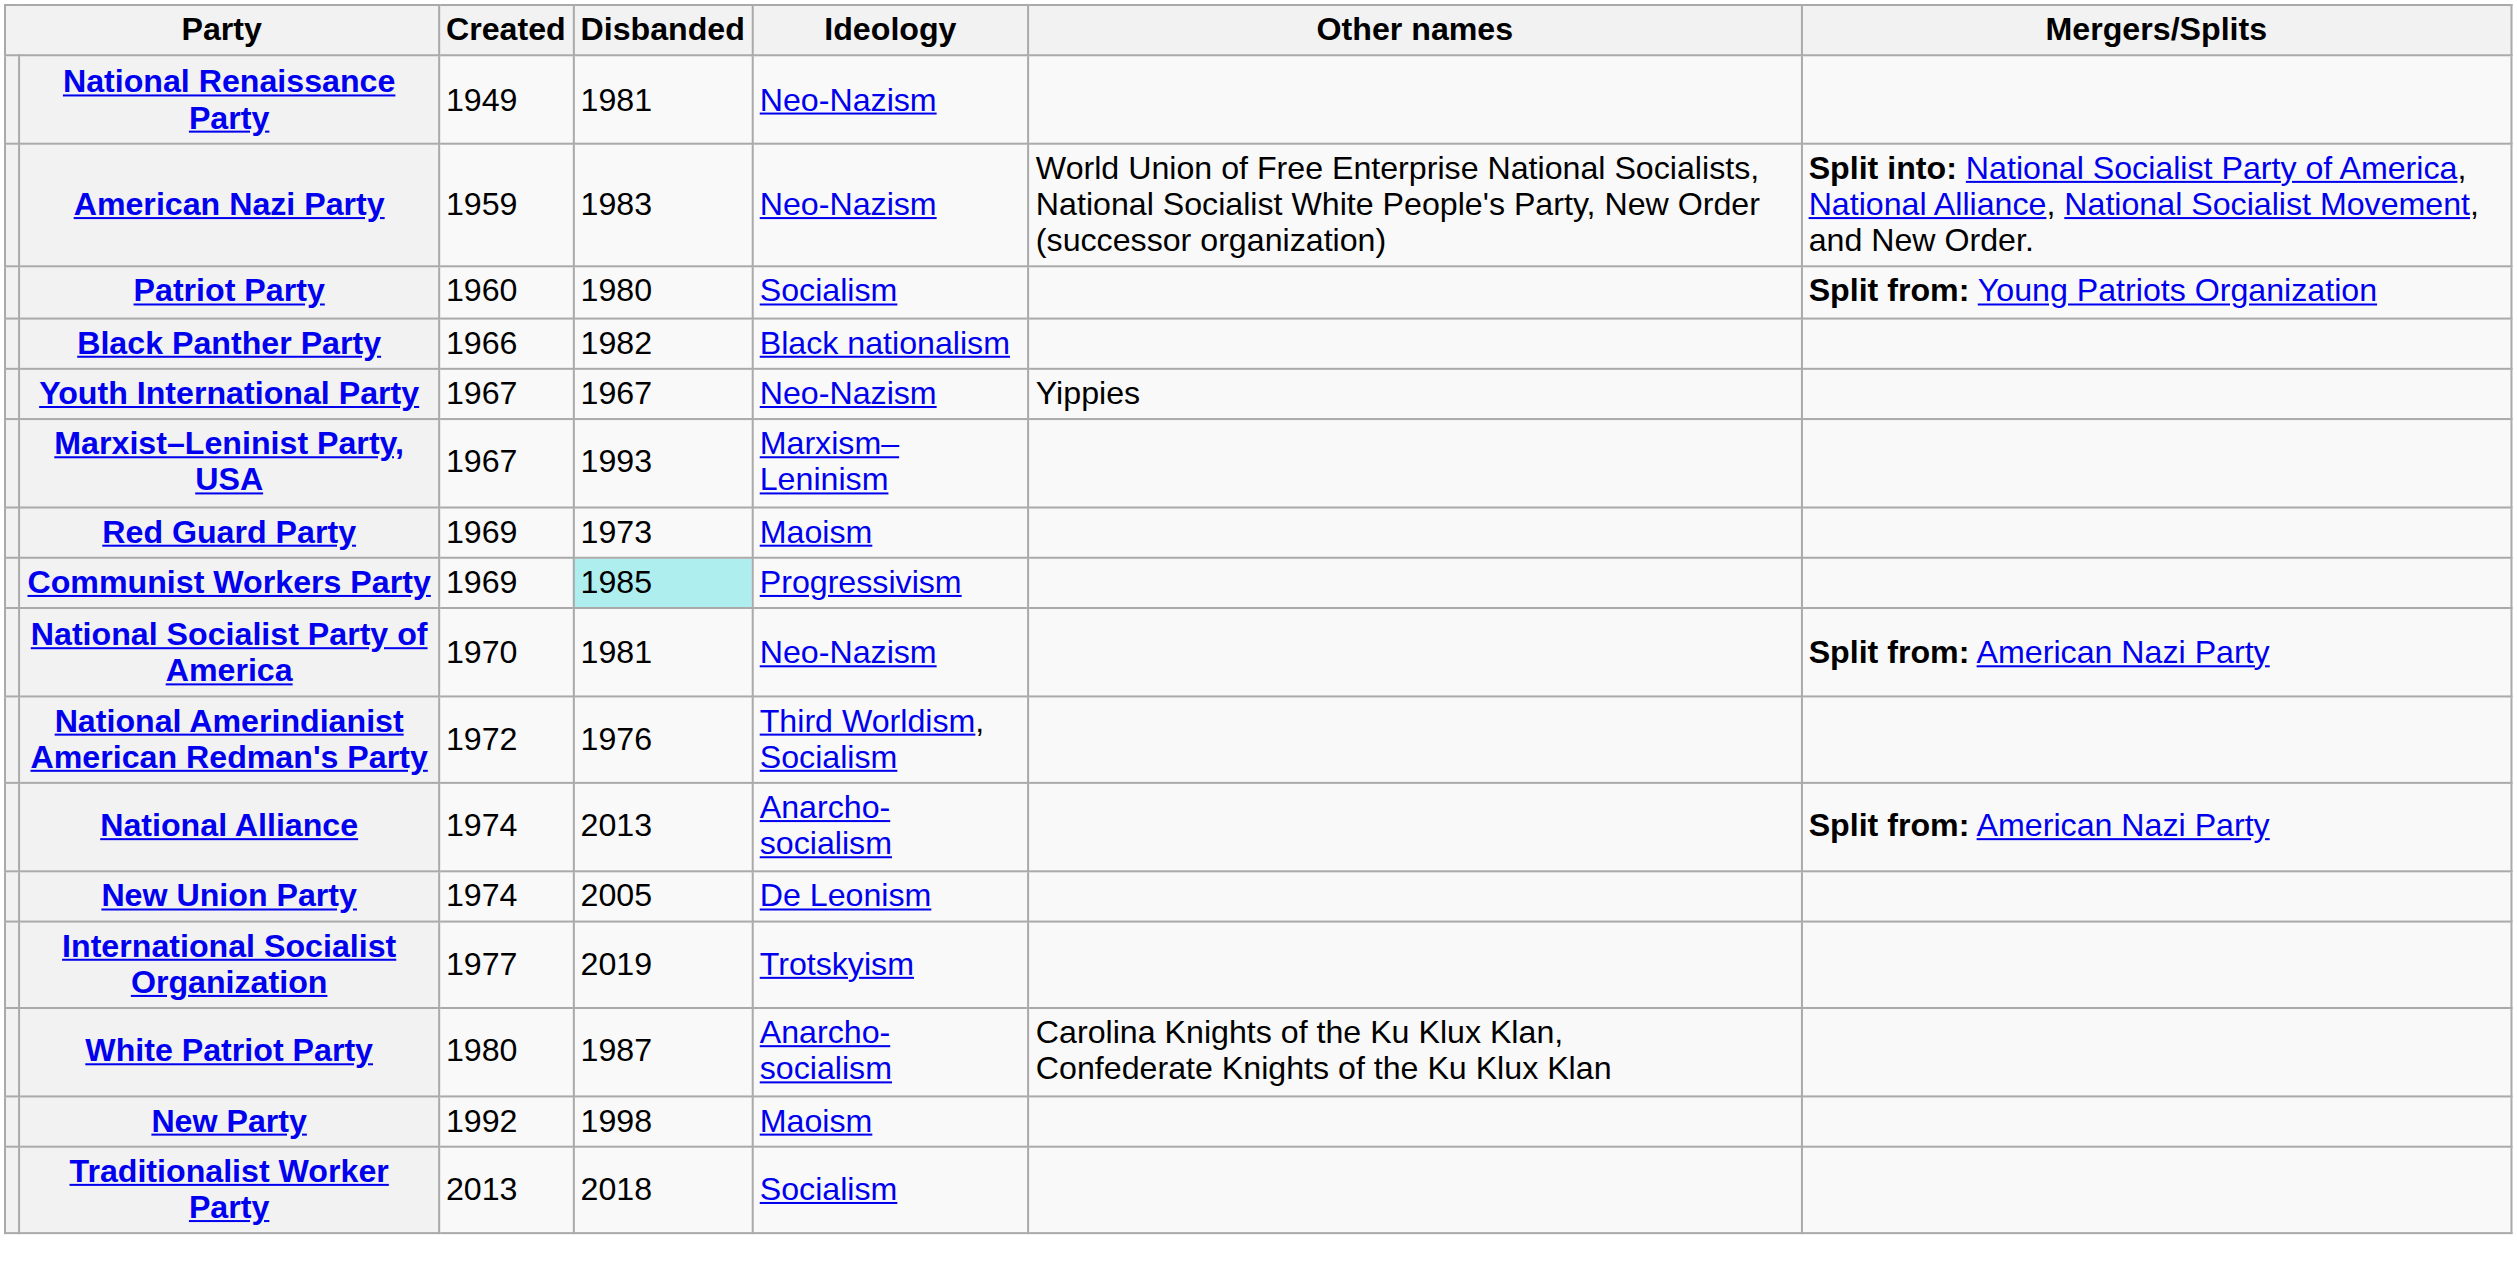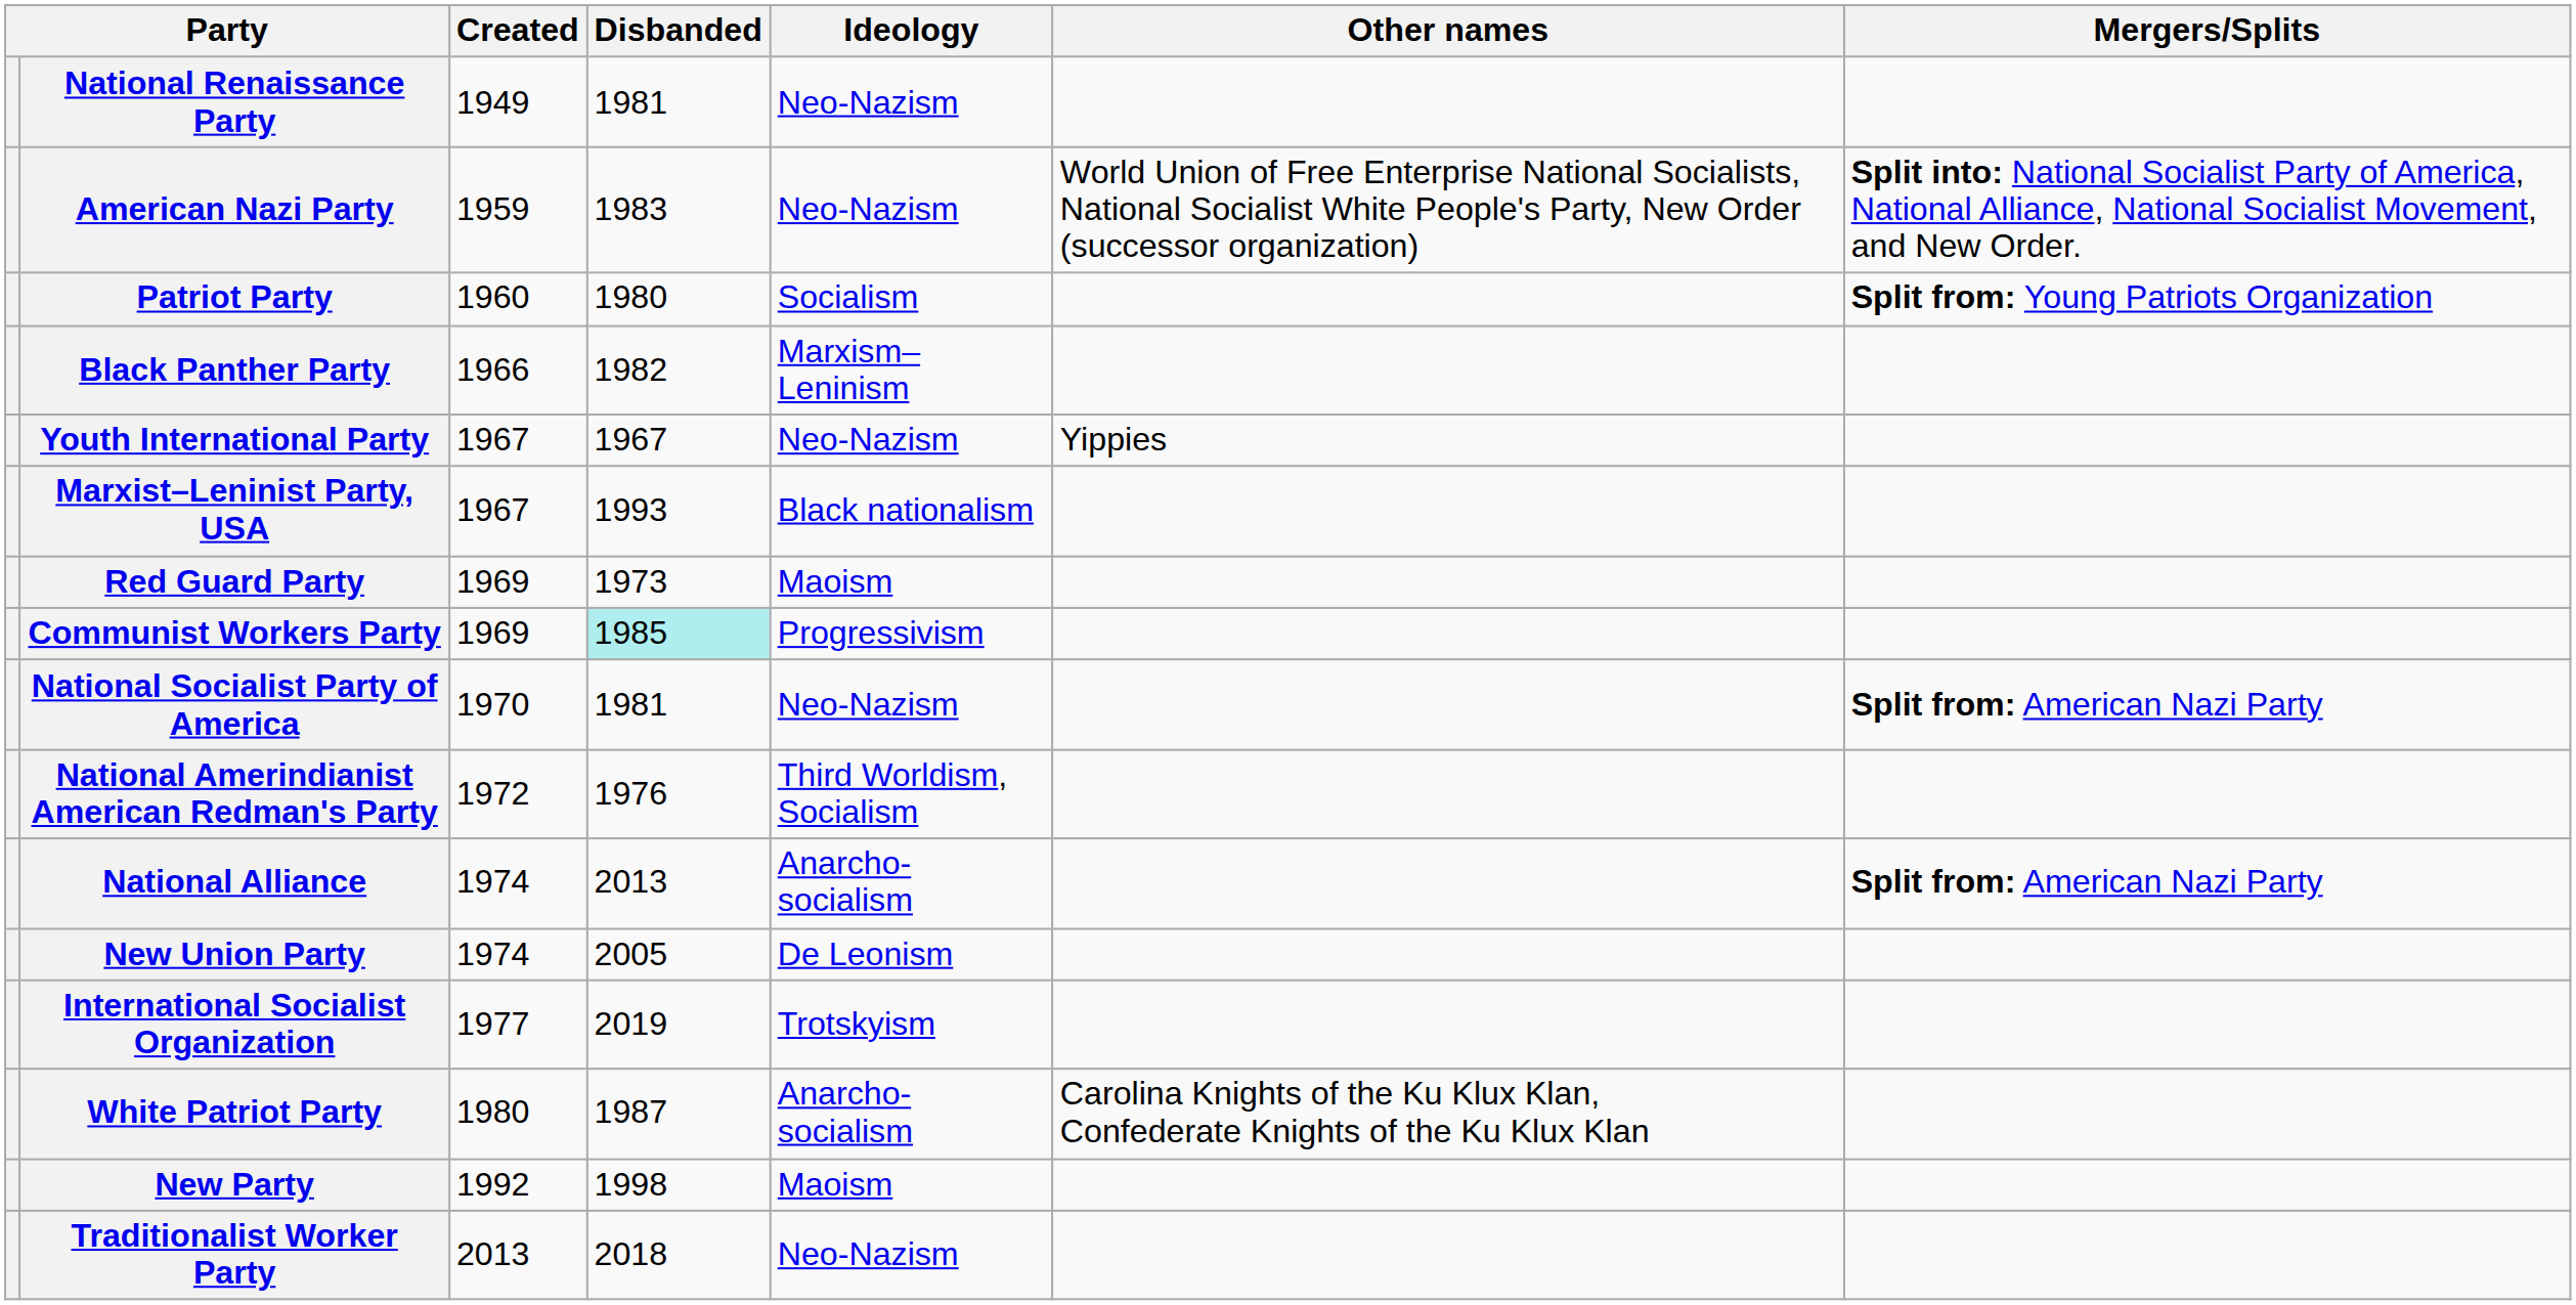 <table class="wikitable sortable plainrowheaders">
 <tr>
 <th scope="col" colspan="2">Party</th>
 <th scope="col">Created</th>
 <th scope="col">Disbanded</th>
 <th scope="col">Ideology</th>
 <th scope="col">Other names</th>
 <th scope="col">Mergers/Splits</th>
 </tr>
 <tr>
 <th style="background-color:"></th>
 <th scope="row"><a href='#'>National Renaissance Party</a></th>
 <td>1949</td>
 <td>1981</td>
 <td><a href='#'>Neo-Nazism</a></td>
 <td></td>
 <td></td>
 </tr>
 <tr>
 <th style="background-color:"></th>
 <th scope="row"><a href='#'>American Nazi Party</a></th>
 <td>1959</td>
 <td>1983</td>
 <td><a href='#'>Neo-Nazism</a></td>
 <td>World Union of Free Enterprise National Socialists, National Socialist White People's Party, New Order (successor organization)</td>
 <td><strong>Split into:</strong> <a href='#'>National Socialist Party of America</a>, <a href='#'>National Alliance</a>, <a href='#'>National Socialist Movement</a>, and New Order.</td>
 </tr>
 <tr>
 <th style="background-color:"></th>
 <th scope="row"><a href='#'>Patriot Party</a></th>
 <td>1960</td>
 <td>1980</td>
 <td><a href='#'>Socialism</a></td>
 <td></td>
 <td><strong>Split from:</strong> <a href='#'>Young Patriots Organization</a></td>
 </tr>
 <tr>
 <th style="background-color:"></th>
 <th scope="row"><a href='#'>Black Panther Party</a></th>
 <td>1966</td>
 <td>1982</td>
-<td><a href='#'>Black nationalism</a></td>
+<td><a href='#'>Marxism–Leninism</a></td>
 <td></td>
 <td></td>
 </tr>
 <tr>
 <th style="background-color:"></th>
 <th scope="row"><a href='#'>Youth International Party</a></th>
 <td>1967</td>
 <td>1967</td>
 <td><a href='#'>Neo-Nazism</a></td>
 <td>Yippies</td>
 <td></td>
 </tr>
 <tr>
 <th style="background-color:"></th>
 <th scope="row"><a href='#'>Marxist–Leninist Party, USA</a></th>
 <td>1967</td>
 <td>1993</td>
-<td><a href='#'>Marxism–Leninism</a></td>
+<td><a href='#'>Black nationalism</a></td>
 <td></td>
 <td></td>
 </tr>
 <tr>
 <th style="background-color:"></th>
 <th scope="row"><a href='#'>Red Guard Party</a></th>
 <td>1969</td>
 <td>1973</td>
 <td><a href='#'>Maoism</a></td>
 <td></td>
 <td></td>
 </tr>
 <tr>
 <th style="background-color:"></th>
 <th scope="row"><a href='#'>Communist Workers Party</a></th>
 <td>1969</td>
 <td style="background: paleturquoise;">1985</td>
 <td><a href='#'>Progressivism</a></td>
 <td></td>
 <td></td>
 </tr>
 <tr>
 <th style="background-color:"></th>
 <th scope="row"><a href='#'>National Socialist Party of America</a></th>
 <td>1970</td>
 <td>1981</td>
 <td><a href='#'>Neo-Nazism</a></td>
 <td></td>
 <td><strong>Split from:</strong> <a href='#'>American Nazi Party</a></td>
 </tr>
 <tr>
 <th style="background-color:"></th>
 <th scope="row"><a href='#'>National Amerindianist American Redman's Party</a></th>
 <td>1972</td>
 <td>1976</td>
 <td><a href='#'>Third Worldism</a>, <a href='#'>Socialism</a></td>
 <td></td>
 <td></td>
 </tr>
 <tr>
 <th style="background-color:"></th>
 <th scope="row"><a href='#'>National Alliance</a></th>
 <td>1974</td>
 <td>2013</td>
 <td><a href='#'>Anarcho-socialism</a></td>
 <td></td>
 <td><strong>Split from:</strong> <a href='#'>American Nazi Party</a></td>
 </tr>
 <tr>
 <th style="background-color:"></th>
 <th scope="row"><a href='#'>New Union Party</a></th>
 <td>1974</td>
 <td>2005</td>
 <td><a href='#'>De Leonism</a></td>
 <td></td>
 <td></td>
 </tr>
 <tr>
 <th style="background-color:"></th>
 <th scope="row"><a href='#'>International Socialist Organization</a></th>
 <td>1977</td>
 <td>2019</td>
 <td><a href='#'>Trotskyism</a></td>
 <td></td>
 <td></td>
 </tr>
 <tr>
 <th style="background-color:"></th>
 <th scope="row"><a href='#'>White Patriot Party</a></th>
 <td>1980</td>
 <td>1987</td>
 <td><a href='#'>Anarcho-socialism</a></td>
 <td>Carolina Knights of the Ku Klux Klan,<br>Confederate Knights of the Ku Klux Klan</td>
 <td></td>
 </tr>
 <tr>
 <th style="background-color:"></th>
 <th scope="row"><a href='#'>New Party</a></th>
 <td>1992</td>
 <td>1998</td>
 <td><a href='#'>Maoism</a></td>
 <td></td>
 <td></td>
 </tr>
 <tr>
 <th style="background-color:"></th>
 <th scope="row"><a href='#'>Traditionalist Worker Party</a></th>
 <td>2013</td>
 <td>2018</td>
-<td><a href='#'>Socialism</a></td>
+<td><a href='#'>Neo-Nazism</a></td>
 <td></td>
 <td></td>
 </tr>
 </table>
